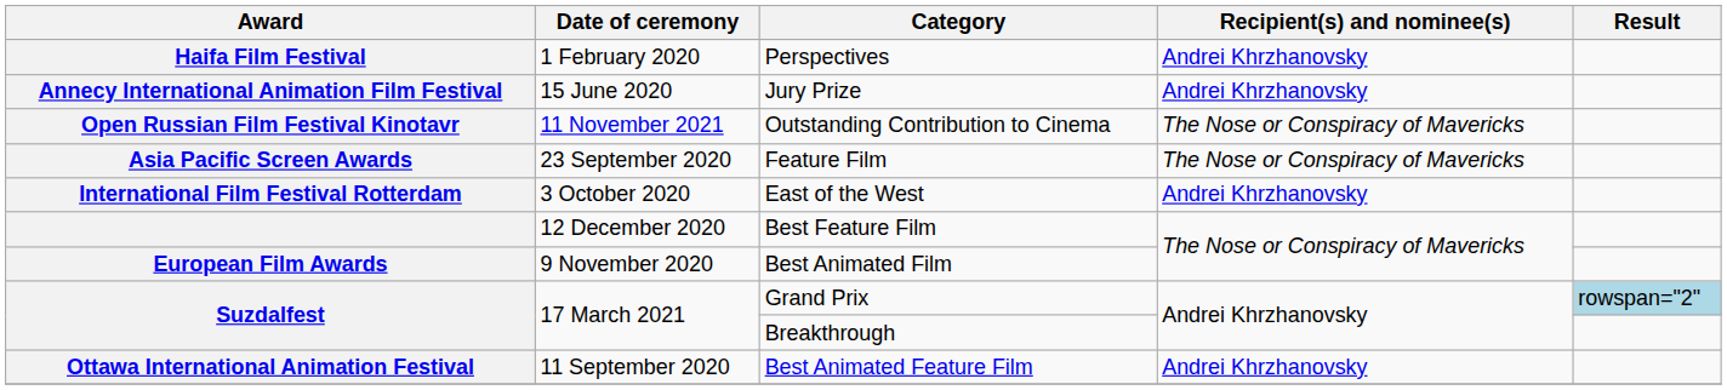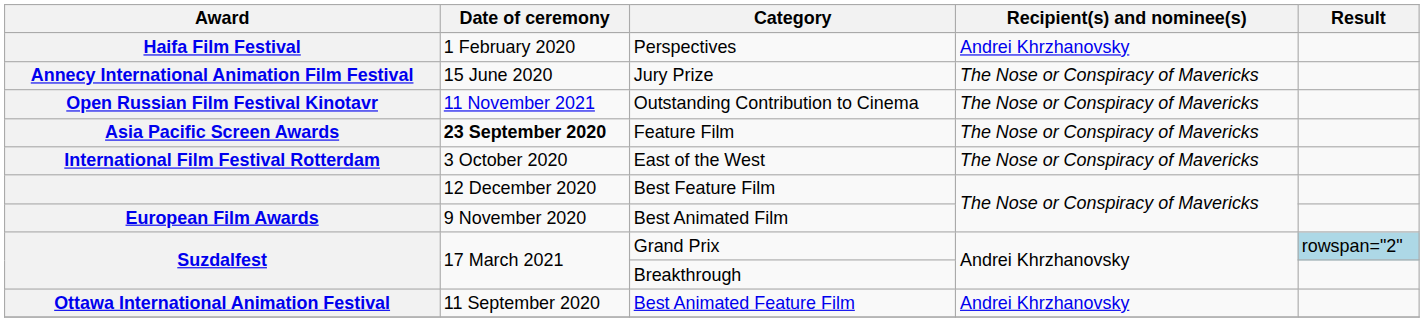 <table class="wikitable sortable plainrowheaders" style="width: 100%;">
 <tr>
 <th scope="col">Award</th>
 <th scope="col">Date of ceremony</th>
 <th scope="col">Category</th>
 <th scope="col">Recipient(s) and nominee(s)</th>
 <th scope="col">Result</th>
 </tr>
 <tr>
 <th scope="row"><a href='#'>Haifa Film Festival</a></th>
 <td>1 February 2020</td>
 <td>Perspectives</td>
 <td><a href='#'>Andrei Khrzhanovsky</a></td>
 <td></td>
 </tr>
 <tr>
 <th scope="row"><a href='#'>Annecy International Animation Film Festival</a></th>
 <td>15 June 2020</td>
 <td>Jury Prize</td>
-<td><a href='#'>Andrei Khrzhanovsky</a></td>
+<td><em>The Nose or Conspiracy of Mavericks</em></td>
 <td></td>
 </tr>
 <tr>
 <th scope="row"><a href='#'>Open Russian Film Festival Kinotavr</a></th>
 <td><a href='#'>11 November 2021</a></td>
 <td>Outstanding Contribution to Cinema</td>
 <td><em>The Nose or Conspiracy of Mavericks</em></td>
 <td></td>
 </tr>
 <tr>
 <th scope="row"><a href='#'>Asia Pacific Screen Awards</a></th>
-<td>23 September 2020</td>
+<td><strong>23 September 2020</strong></td>
 <td>Feature Film</td>
 <td><em>The Nose or Conspiracy of Mavericks</em></td>
 <td></td>
 </tr>
 <tr>
 <th scope="row"><a href='#'>International Film Festival Rotterdam</a></th>
 <td>3 October 2020</td>
 <td>East of the West</td>
-<td><a href='#'>Andrei Khrzhanovsky</a></td>
+<td><em>The Nose or Conspiracy of Mavericks</em></td>
 <td></td>
 </tr>
 <tr>
 <th scope="row"></th>
 <td>12 December 2020</td>
 <td>Best Feature Film</td>
 <td rowspan=2><em>The Nose or Conspiracy of Mavericks</em></td>
 <td></td>
 </tr>
 <tr>
 <th scope="row"><a href='#'>European Film Awards</a></th>
 <td>9 November 2020</td>
 <td>Best Animated Film</td>
 <td></td>
 </tr>
 <tr>
 <th rowspan="2" scope="row"><a href='#'>Suzdalfest</a></th>
 <td rowspan="2">17 March 2021</td>
 <td>Grand Prix</td>
 <td rowspan="2">Andrei Khrzhanovsky</td>
 <td style="background: lightblue;">rowspan="2"</td>
 </tr>
 <tr>
 <td>Breakthrough</td>
 </tr>
 <tr>
 <th scope="row"><a href='#'>Ottawa International Animation Festival</a></th>
 <td>11 September 2020</td>
 <td><a href='#'>Best Animated Feature Film</a></td>
 <td><a href='#'>Andrei Khrzhanovsky</a></td>
 <td></td>
 </tr>
 <tr>
 </tr>
 </table>
